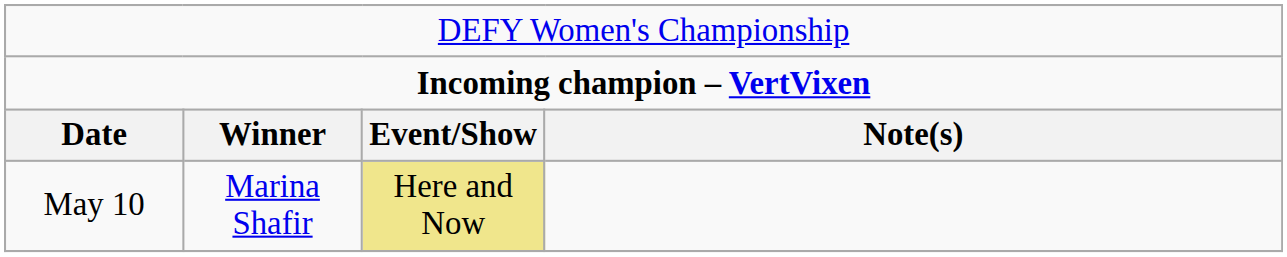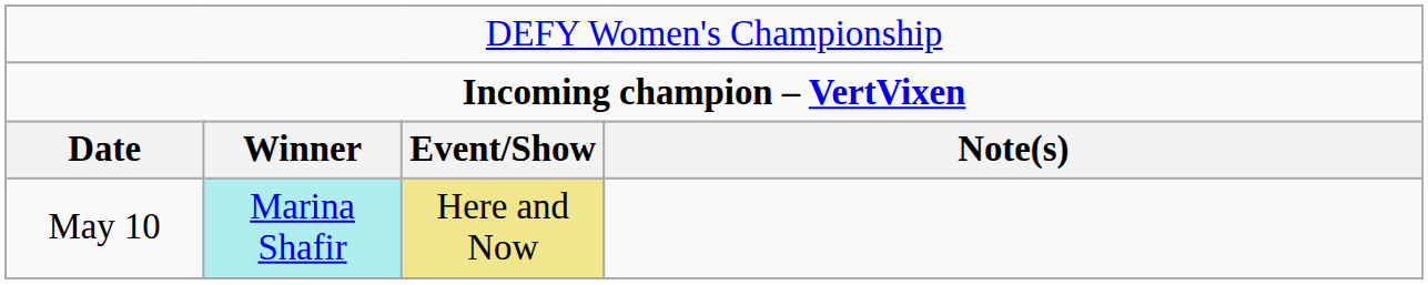 <table class="wikitable" style="text-align:center; width:100%;">
 <tr>
 <td colspan="4" style="text-align: center;"><a href='#'>DEFY Women's Championship</a></td>
 </tr>
 <tr>
 <td colspan="4" style="text-align: center;"><strong>Incoming champion – <a href='#'>VertVixen</a></strong></td>
 </tr>
 <tr>
 <th width=14%>Date</th>
 <th width=14%>Winner</th>
 <th width=14%>Event/Show</th>
 <th width=58%>Note(s)</th>
 </tr>
 <tr>
 <td>May 10</td>
-<td><a href='#'>Marina Shafir</a></td>
+<td style="background: paleturquoise;"><a href='#'>Marina Shafir</a></td>
 <td style="background: khaki;">Here and Now</td>
 <td></td>
 </tr>
 <tr>
 </tr>
 </table>
